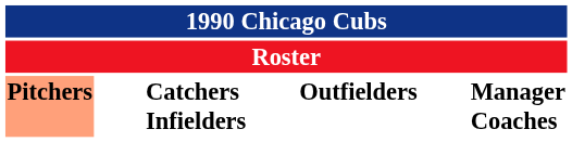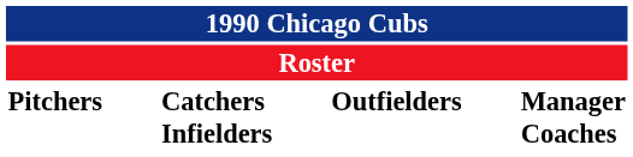 <table class="toccolours" style="font-size: 95%;">
 <tr>
 <th colspan="10" style="background-color: #0e3386; color: #FFFFFF; text-align: center;">1990 Chicago Cubs</th>
 </tr>
 <tr>
 <td colspan="10" style="background-color: #EE1422; color: #FFFFFF; text-align: center;"><strong>Roster</strong></td>
 </tr>
 <tr>
-<td valign="top" style="background: lightsalmon;"><strong>Pitchers</strong><br>                 </td>
+<td valign="top"><strong>Pitchers</strong><br>                 </td>
 <td width="25px"></td>
 <td valign="top"><strong>Catchers</strong><br>    <strong>Infielders</strong>       </td>
 <td width="25px"></td>
 <td valign="top"><strong>Outfielders</strong><br>        </td>
 <td width="25px"></td>
 <td valign="top"><strong>Manager</strong><br> <strong>Coaches</strong>     </td>
 </tr>
 <tr>
 </tr>
 </table>
